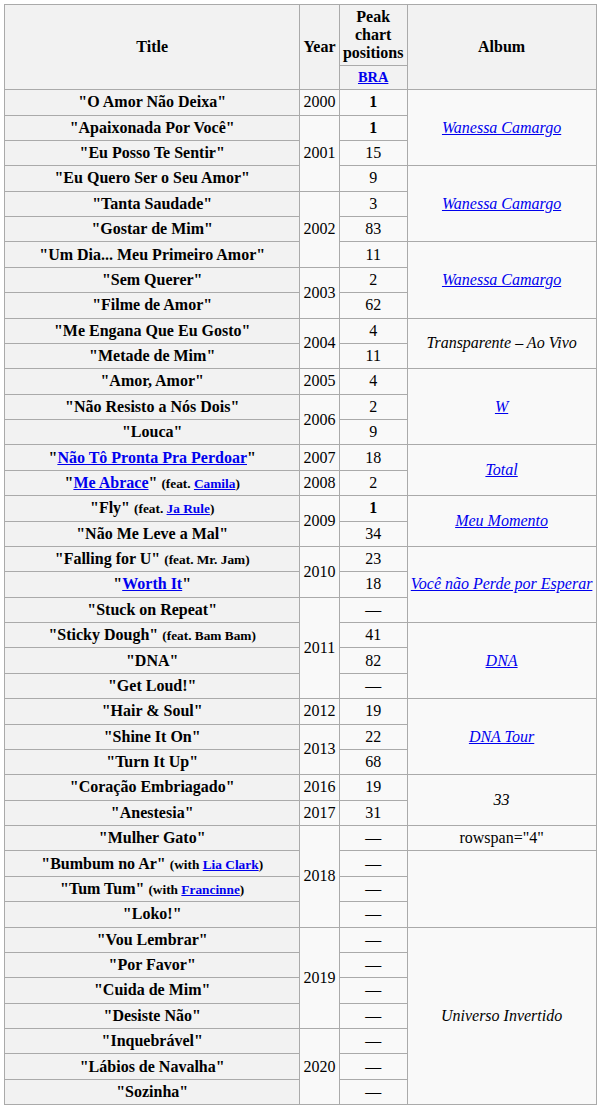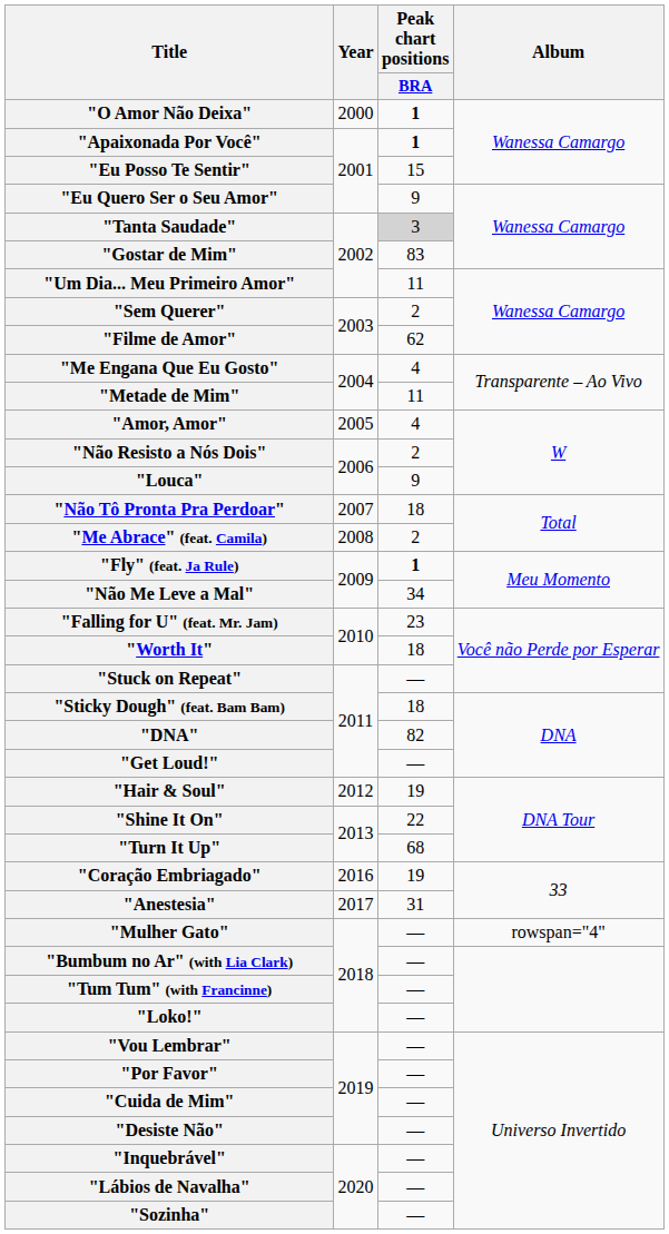 <table class="wikitable plainrowheaders" style="text-align:center;" border="1">
 <tr>
 <th scope="col" rowspan="2" style="width:18em;">Title</th>
 <th scope="col" rowspan="2">Year</th>
 <th scope="col" colspan="1">Peak chart positions</th>
 <th scope="col" rowspan="2">Album</th>
 </tr>
 <tr>
 <th scope="col" style="width:3em;font-size:90%;"><a href='#'>BRA</a></th>
 </tr>
 <tr>
 <th scope="row">"O Amor Não Deixa"</th>
 <td>2000</td>
 <td><strong>1</strong></td>
 <td rowspan="3"><em><a href='#'>Wanessa Camargo</a></em></td>
 </tr>
 <tr>
 <th scope="row">"Apaixonada Por Você"</th>
 <td rowspan="3">2001</td>
 <td><strong>1</strong></td>
 </tr>
 <tr>
 <th scope="row">"Eu Posso Te Sentir"</th>
 <td>15</td>
 </tr>
 <tr>
 <th scope="row">"Eu Quero Ser o Seu Amor"</th>
 <td>9</td>
 <td rowspan="3"><em><a href='#'>Wanessa Camargo</a></em></td>
 </tr>
 <tr>
 <th scope="row">"Tanta Saudade"</th>
 <td rowspan="3">2002</td>
-<td>3</td>
+<td style="background: lightgrey;">3</td>
 </tr>
 <tr>
 <th scope="row">"Gostar de Mim"</th>
 <td>83</td>
 </tr>
 <tr>
 <th scope="row">"Um Dia... Meu Primeiro Amor"</th>
 <td>11</td>
 <td rowspan="3"><em><a href='#'>Wanessa Camargo</a></em></td>
 </tr>
 <tr>
 <th scope="row">"Sem Querer"</th>
 <td rowspan="2">2003</td>
 <td>2</td>
 </tr>
 <tr>
 <th scope="row">"Filme de Amor"</th>
 <td>62</td>
 </tr>
 <tr>
 <th scope="row">"Me Engana Que Eu Gosto"</th>
 <td rowspan="2">2004</td>
 <td>4</td>
 <td rowspan="2"><em>Transparente – Ao Vivo</em></td>
 </tr>
 <tr>
 <th scope="row">"Metade de Mim"</th>
 <td>11</td>
 </tr>
 <tr>
 <th scope="row">"Amor, Amor"</th>
 <td>2005</td>
 <td>4</td>
 <td rowspan="3"><em><a href='#'>W</a></em></td>
 </tr>
 <tr>
 <th scope="row">"Não Resisto a Nós Dois"</th>
 <td rowspan="2">2006</td>
 <td>2</td>
 </tr>
 <tr>
 <th scope="row">"Louca"</th>
 <td>9</td>
 </tr>
 <tr>
 <th scope="row">"<a href='#'>Não Tô Pronta Pra Perdoar</a>"</th>
 <td>2007</td>
 <td>18</td>
 <td rowspan="2"><em><a href='#'>Total</a></em></td>
 </tr>
 <tr>
 <th scope="row">"<a href='#'>Me Abrace</a>" <small>(feat. <a href='#'>Camila</a>)</small></th>
 <td>2008</td>
 <td>2</td>
 </tr>
 <tr>
 <th scope="row">"Fly" <small>(feat. <a href='#'>Ja Rule</a>)</small></th>
 <td rowspan="2">2009</td>
 <td><strong>1</strong></td>
 <td rowspan="2"><em><a href='#'>Meu Momento</a></em></td>
 </tr>
 <tr>
 <th scope="row">"Não Me Leve a Mal"</th>
 <td>34</td>
 </tr>
 <tr>
 <th scope="row">"Falling for U" <small>(feat. Mr. Jam)</small></th>
 <td rowspan="2">2010</td>
 <td>23</td>
 <td rowspan="3"><em><a href='#'>Você não Perde por Esperar</a></em></td>
 </tr>
 <tr>
 <th scope="row">"<a href='#'>Worth It</a>"</th>
 <td>18</td>
 </tr>
 <tr>
 <th scope="row">"Stuck on Repeat"</th>
 <td rowspan="4">2011</td>
 <td>—</td>
 </tr>
 <tr>
 <th scope="row">"Sticky Dough" <small>(feat. Bam Bam)</small></th>
-<td>41</td>
+<td>18</td>
 <td rowspan="3"><em><a href='#'>DNA</a></em></td>
 </tr>
 <tr>
 <th scope="row">"DNA"</th>
 <td>82</td>
 </tr>
 <tr>
 <th scope="row">"Get Loud!"</th>
 <td>—</td>
 </tr>
 <tr>
 <th scope="row">"Hair & Soul"</th>
 <td rowspan="1">2012</td>
 <td>19</td>
 <td rowspan="3"><em><a href='#'>DNA Tour</a></em></td>
 </tr>
 <tr>
 <th scope="row">"Shine It On"</th>
 <td rowspan="2">2013</td>
 <td>22</td>
 </tr>
 <tr>
 <th scope="row">"Turn It Up"</th>
 <td>68</td>
 </tr>
 <tr>
 <th scope="row">"Coração Embriagado"</th>
 <td rowspan="1">2016</td>
 <td>19</td>
 <td rowspan="2"><em>33</em></td>
 </tr>
 <tr>
 <th scope="row">"Anestesia"</th>
 <td>2017</td>
 <td>31</td>
 </tr>
 <tr>
 <th scope="row">"Mulher Gato"</th>
 <td rowspan="4">2018</td>
 <td>—</td>
 <td>rowspan="4" </td>
 </tr>
 <tr>
 <th scope="row">"Bumbum no Ar" <small>(with <a href='#'>Lia Clark</a>)</small></th>
 <td>—</td>
 </tr>
 <tr>
 <th scope="row">"Tum Tum" <small>(with <a href='#'>Francinne</a>)</small></th>
 <td>—</td>
 </tr>
 <tr>
 <th scope="row">"Loko!"</th>
 <td>—</td>
 </tr>
 <tr>
 <th scope="row">"Vou Lembrar"</th>
 <td rowspan="4">2019</td>
 <td>—</td>
 <td rowspan="7"><em>Universo Invertido</em></td>
 </tr>
 <tr>
 <th scope="row">"Por Favor"</th>
 <td>—</td>
 </tr>
 <tr>
 <th scope="row">"Cuida de Mim"</th>
 <td>—</td>
 </tr>
 <tr>
 <th scope="row">"Desiste Não"</th>
 <td>—</td>
 </tr>
 <tr>
 <th scope="row">"Inquebrável"</th>
 <td rowspan="3">2020</td>
 <td>—</td>
 </tr>
 <tr>
 <th scope="row">"Lábios de Navalha"</th>
 <td>—</td>
 </tr>
 <tr>
 <th scope="row">"Sozinha"</th>
 <td>—</td>
 </tr>
 <tr>
 </tr>
 </table>
